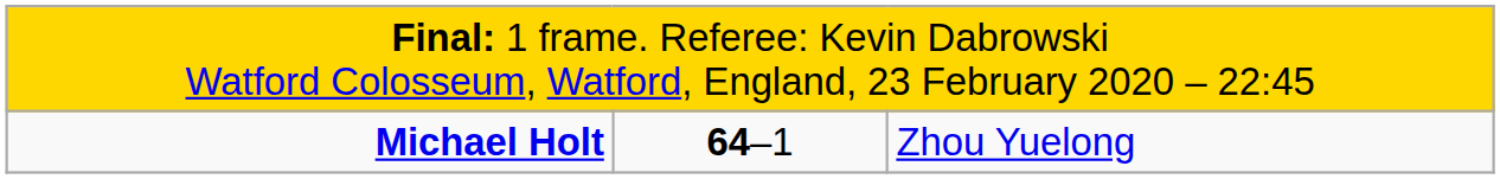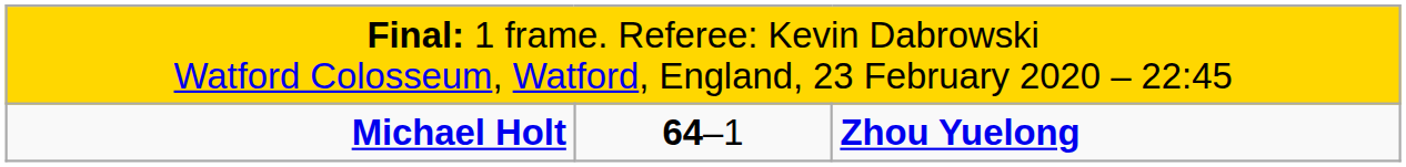 <table class="wikitable" style="font-size: 95%; margin: 1em auto 1em auto;">
 <tr>
 <td colspan="3" align="center" bgcolor="#ffd700"><strong>Final:</strong> 1 frame. Referee: Kevin Dabrowski <br> <a href='#'>Watford Colosseum</a>, <a href='#'>Watford</a>, England, 23 February 2020 – 22:45</td>
 </tr>
 <tr>
 <td width="230" align="right"><strong><a href='#'>Michael Holt</a></strong><br></td>
 <td width="100" align="center"><strong>64</strong>–1</td>
-<td width="230"><a href='#'>Zhou Yuelong</a><br></td>
+<td width="230"><strong><a href='#'>Zhou Yuelong</a><br></strong></td>
 </tr>
 </table>
